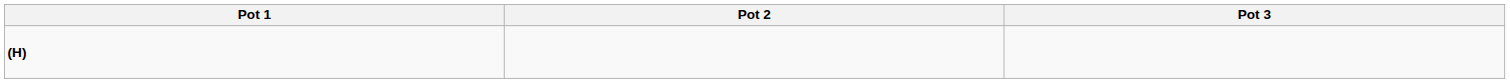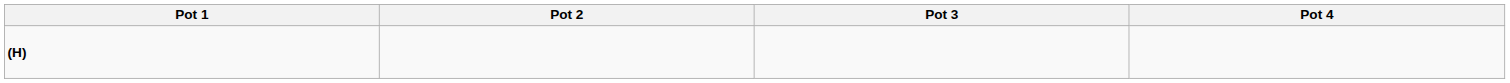 <table class="wikitable" style="width:89%;">
 <tr>
 <th width=16.66%>Pot 1</th>
 <th width=16.66%>Pot 2</th>
 <th width=16.67%>Pot 3</th>
+<th width=16.67%>Pot 4</th>
 </tr>
 <tr>
 <td><br> <strong>(H)</strong><br> <br> </td>
 <td><br><br> <br> </td>
 <td><br><br> <br> </td>
+<td><br><br> <br> </td>
 </tr>
 </table>
